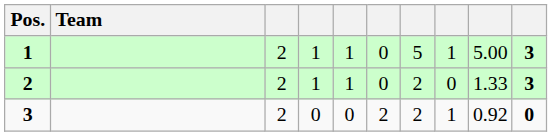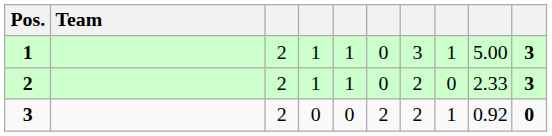 <table class="wikitable" style="text-align: center;">
 <tr>
 <th width=30>Pos.</th>
 <th width=165 style="text-align:left;">Team</th>
 <th width=20></th>
 <th width=20></th>
 <th width=20></th>
 <th width=20></th>
 <th width=20></th>
 <th width=20></th>
 <th width=20></th>
 <th width=20></th>
 </tr>
 <tr style="background:#ccffcc;">
 <td><strong>1</strong></td>
 <td style="text-align:left;"></td>
 <td>2</td>
 <td>1</td>
 <td>1</td>
 <td>0</td>
-<td>5</td>
+<td>3</td>
 <td>1</td>
 <td>5.00</td>
 <td><strong>3</strong></td>
 </tr>
 <tr style="background:#ccffcc;">
 <td><strong>2</strong></td>
 <td style="text-align:left;"></td>
 <td>2</td>
 <td>1</td>
 <td>1</td>
 <td>0</td>
 <td>2</td>
 <td>0</td>
-<td>1.33</td>
+<td>2.33</td>
 <td><strong>3</strong></td>
 </tr>
 <tr>
 <td><strong>3</strong></td>
 <td style="text-align:left;"></td>
 <td>2</td>
 <td>0</td>
 <td>0</td>
 <td>2</td>
 <td>2</td>
 <td>1</td>
 <td>0.92</td>
 <td><strong>0</strong></td>
 </tr>
 </table>
